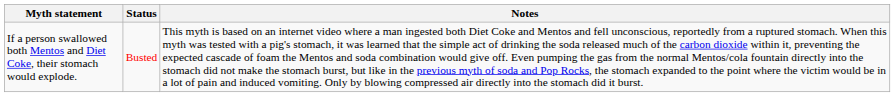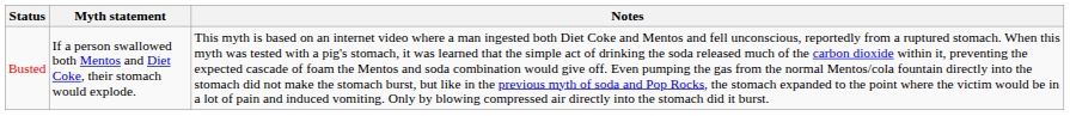 <table class="wikitable plainrowheaders">
 <tr>
+<th>Status</th>
 <th>Myth statement</th>
-<th>Status</th>
 <th>Notes</th>
 </tr>
 <tr>
+<td style="color:Red">Busted</td>
 <td>If a person swallowed both <a href='#'>Mentos</a> and <a href='#'>Diet Coke</a>, their stomach would explode.</td>
-<td style="color:Red">Busted</td>
 <td>This myth is based on an internet video where a man ingested both Diet Coke and Mentos and fell unconscious, reportedly from a ruptured stomach. When this myth was tested with a pig's stomach, it was learned that the simple act of drinking the soda released much of the <a href='#'>carbon dioxide</a> within it, preventing the expected cascade of foam the Mentos and soda combination would give off. Even pumping the gas from the normal Mentos/cola fountain directly into the stomach did not make the stomach burst, but like in the <a href='#'>previous myth of soda and Pop Rocks</a>, the stomach expanded to the point where the victim would be in a lot of pain and induced vomiting. Only by blowing compressed air directly into the stomach did it burst.</td>
 </tr>
 </table>
